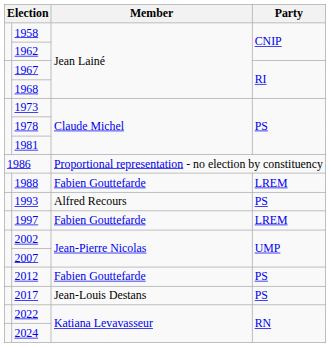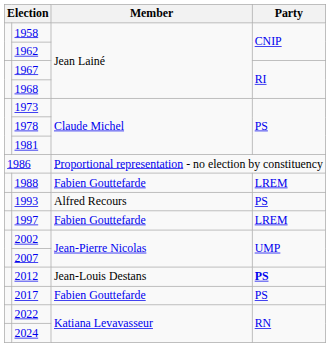 <table class="wikitable">
 <tr>
 <th colspan="2">Election</th>
 <th>Member</th>
 <th>Party</th>
 </tr>
 <tr>
 <td rowspan="2" style="color:inherit;background-color: "></td>
 <td><a href='#'>1958</a></td>
 <td rowspan="4">Jean Lainé</td>
 <td rowspan="2"><a href='#'>CNIP</a></td>
 </tr>
 <tr>
 <td><a href='#'>1962</a></td>
 </tr>
 <tr>
 <td rowspan="2" style="color:inherit;background-color: "></td>
 <td><a href='#'>1967</a></td>
 <td rowspan="2"><a href='#'>RI</a></td>
 </tr>
 <tr>
 <td><a href='#'>1968</a></td>
 </tr>
 <tr>
 <td rowspan="3" style="color:inherit;background-color: "></td>
 <td><a href='#'>1973</a></td>
 <td rowspan="3"><a href='#'>Claude Michel</a></td>
 <td rowspan="3"><a href='#'>PS</a></td>
 </tr>
 <tr>
 <td><a href='#'>1978</a></td>
 </tr>
 <tr>
 <td><a href='#'>1981</a></td>
 </tr>
 <tr>
 <td colspan="2"><a href='#'>1986</a></td>
 <td colspan="2"><a href='#'>Proportional representation</a> - no election by constituency</td>
 </tr>
 <tr>
 <td style="color:inherit;background-color: "></td>
 <td><a href='#'>1988</a></td>
 <td><a href='#'>Fabien Gouttefarde</a></td>
 <td><a href='#'>LREM</a></td>
 </tr>
 <tr>
 <td style="color:inherit;background-color: "></td>
 <td><a href='#'>1993</a></td>
 <td>Alfred Recours</td>
 <td><a href='#'>PS</a></td>
 </tr>
 <tr>
 <td style="color:inherit;background-color: "></td>
 <td><a href='#'>1997</a></td>
 <td><a href='#'>Fabien Gouttefarde</a></td>
 <td><a href='#'>LREM</a></td>
 </tr>
 <tr>
 <td rowspan="2" style="color:inherit;background:"></td>
 <td><a href='#'>2002</a></td>
 <td rowspan="2"><a href='#'>Jean-Pierre Nicolas</a></td>
 <td rowspan="2"><a href='#'>UMP</a></td>
 </tr>
 <tr>
 <td><a href='#'>2007</a></td>
 </tr>
 <tr>
 <td style="color:inherit;background-color: "></td>
 <td><a href='#'>2012</a></td>
-<td><a href='#'>Fabien Gouttefarde</a></td>
-<td><a href='#'>PS</a></td>
+<td>Jean-Louis Destans</td>
+<td><strong><a href='#'>PS</a></strong></td>
 </tr>
 <tr>
 <td style="color:inherit;background-color: "></td>
 <td><a href='#'>2017</a></td>
-<td>Jean-Louis Destans</td>
+<td><a href='#'>Fabien Gouttefarde</a></td>
 <td><a href='#'>PS</a></td>
 </tr>
 <tr>
 <td style="color:inherit;background-color: "></td>
 <td><a href='#'>2022</a></td>
 <td rowspan="2"><a href='#'>Katiana Levavasseur</a></td>
 <td rowspan="2"><a href='#'>RN</a></td>
 </tr>
 <tr>
 <td style="color:inherit;background-color: "></td>
 <td><a href='#'>2024</a></td>
 </tr>
 </table>
